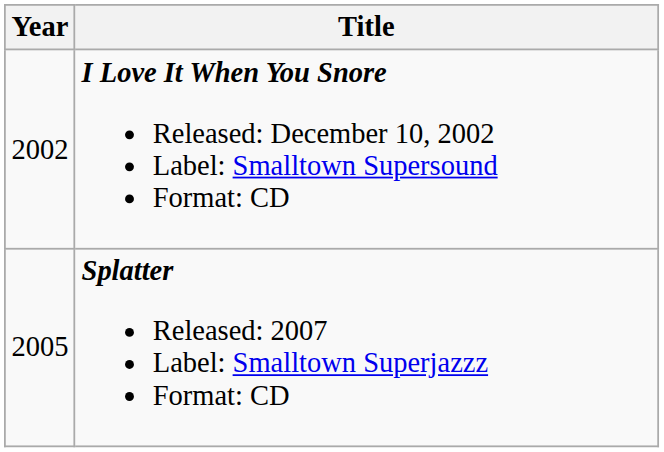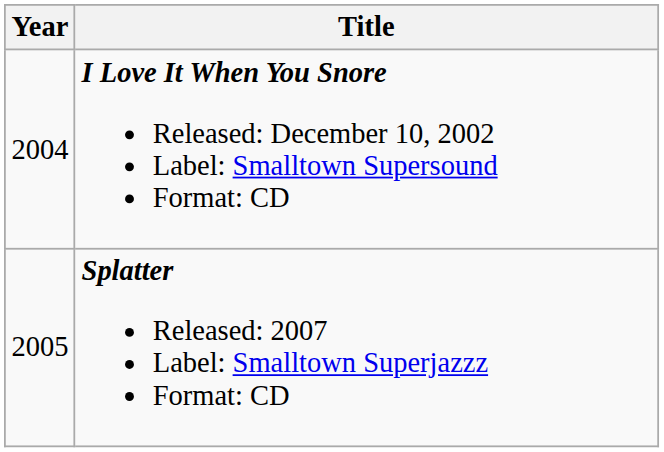 <table class="wikitable">
 <tr>
 <th>Year</th>
 <th style="width:225px;">Title</th>
 </tr>
 <tr>
-<td>2002</td>
+<td>2004</td>
 <td style="width:20em"><strong><em>I Love It When You Snore</em></strong><br><ul><li>Released: December 10, 2002</li><li>Label: <a href='#'>Smalltown Supersound</a> </li><li>Format: CD</li></ul></td>
 </tr>
 <tr>
 <td>2005</td>
 <td style="width:20em"><strong><em>Splatter</em></strong><br><ul><li>Released: 2007</li><li>Label: <a href='#'>Smalltown Superjazzz</a> </li><li>Format: CD</li></ul></td>
 </tr>
 </table>
